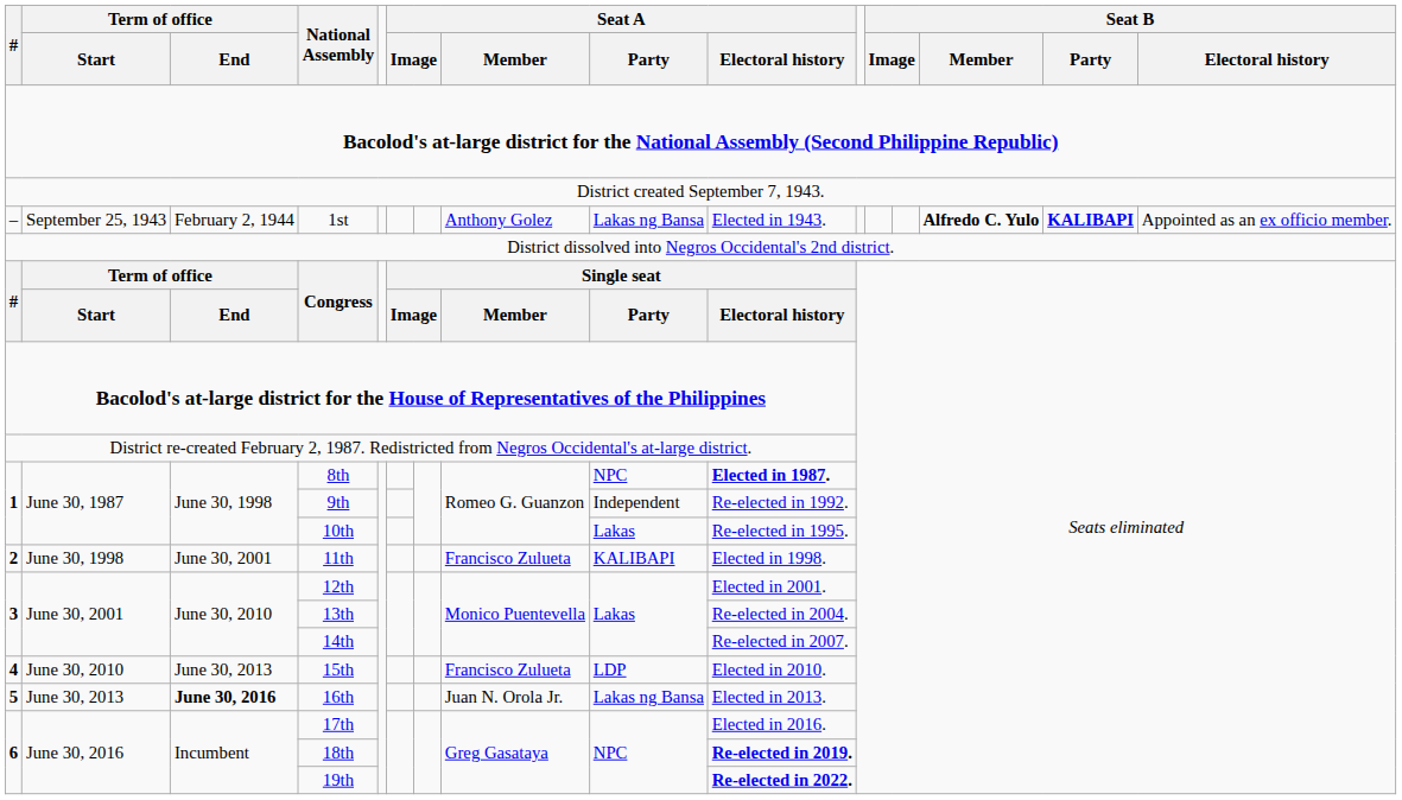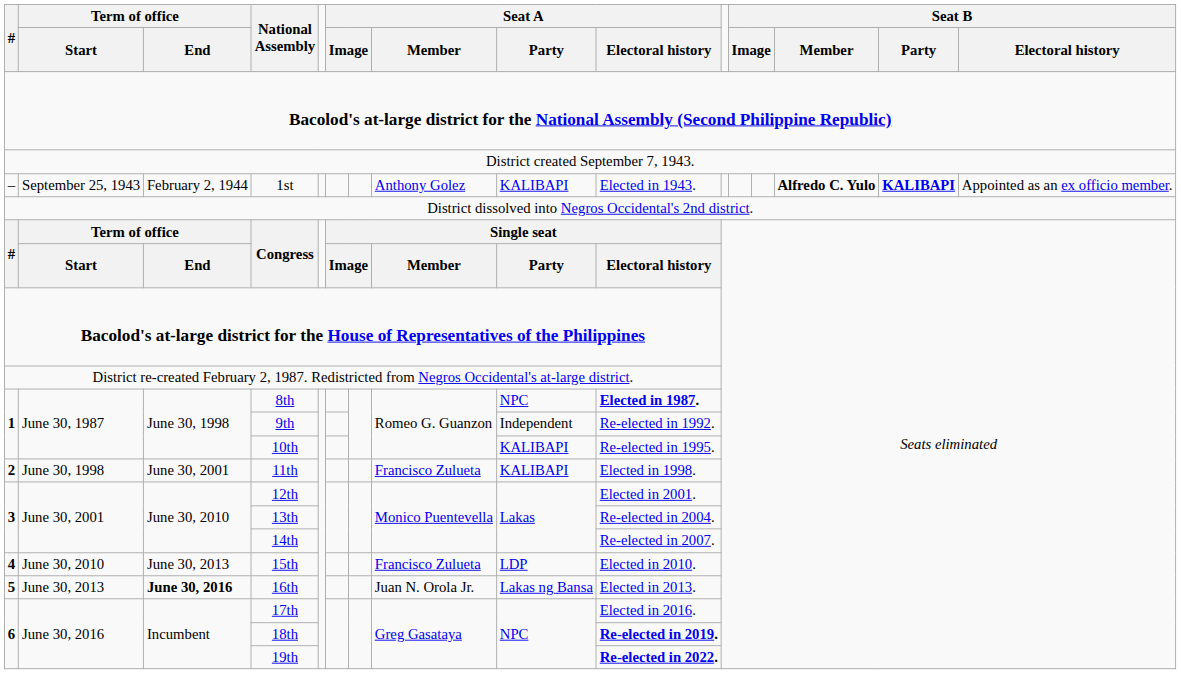 <table class=wikitable>
 <tr>
 <th rowspan=2>#</th>
 <th colspan=2>Term of office</th>
 <th rowspan=2>National<br>Assembly</th>
 <td rowspan=2></td>
 <th colspan=5>Seat A</th>
 <td rowspan=2></td>
 <th colspan=5>Seat B</th>
 </tr>
 <tr style="height:3em">
 <th>Start</th>
 <th>End</th>
 <th colspan="2" style="text-align:center;">Image</th>
 <th>Member</th>
 <th>Party</th>
 <th>Electoral history</th>
 <th colspan="2" style="text-align:center;">Image</th>
 <th>Member</th>
 <th>Party</th>
 <th>Electoral history</th>
 </tr>
 <tr>
 <td colspan="16" style="text-align:center;"><br><h3>Bacolod's at-large district for the <a href='#'>National Assembly (Second Philippine Republic)</a></h3></td>
 </tr>
 <tr>
 <td colspan="16" style="text-align:center;">District created September 7, 1943.</td>
 </tr>
 <tr>
 <td style="text-align:center;">–</td>
 <td>September 25, 1943</td>
 <td>February 2, 1944</td>
 <td style="text-align:center;">1st</td>
 <td></td>
 <td style="color:inherit;background:"></td>
 <td></td>
 <td><a href='#'>Anthony Golez</a></td>
-<td><a href='#'>Lakas ng Bansa</a></td>
+<td><a href='#'>KALIBAPI</a></td>
 <td><a href='#'>Elected in 1943</a>.</td>
 <td></td>
 <td style="color:inherit;background:"></td>
 <td></td>
 <td><strong>Alfredo C. Yulo</strong></td>
 <td><strong><a href='#'>KALIBAPI</a></strong></td>
 <td>Appointed as an <a href='#'>ex officio member</a>.</td>
 </tr>
 <tr>
 <td colspan="16" style="text-align:center;">District dissolved into <a href='#'>Negros Occidental's 2nd district</a>.</td>
 </tr>
 <tr>
 <th rowspan=2>#</th>
 <th colspan=2>Term of office</th>
 <th rowspan=2>Congress</th>
 <td rowspan=2></td>
 <th colspan=5>Single seat</th>
 <td rowspan=99 colspan=7 style="text-align:center;"><em>Seats eliminated</em></td>
 </tr>
 <tr style="height:3em">
 <th>Start</th>
 <th>End</th>
 <th colspan="2" style="text-align:center;">Image</th>
 <th>Member</th>
 <th>Party</th>
 <th>Electoral history</th>
 </tr>
 <tr>
 <td colspan="10" style="text-align:center;"><br><h3>Bacolod's at-large district for the <a href='#'>House of Representatives of the Philippines</a></h3></td>
 </tr>
 <tr>
 <td colspan="10" style="text-align:center;">District re-created February 2, 1987. Redistricted from <a href='#'>Negros Occidental's at-large district</a>.</td>
 </tr>
 <tr>
 <td rowspan="3" style="text-align:center;"><strong>1</strong></td>
 <td rowspan="3">June 30, 1987</td>
 <td rowspan="3">June 30, 1998</td>
 <td style="text-align:center;"><a href='#'>8th</a></td>
 <td rowspan="99"></td>
 <td style="color:inherit;background:"></td>
 <td rowspan="3"></td>
 <td rowspan="3">Romeo G. Guanzon</td>
 <td><a href='#'>NPC</a></td>
 <td><strong><a href='#'>Elected in 1987</a>.</strong></td>
 </tr>
 <tr>
 <td style="text-align:center;"><a href='#'>9th</a></td>
 <td style="color:inherit;background:"></td>
 <td>Independent</td>
 <td><a href='#'>Re-elected in 1992</a>.</td>
 </tr>
 <tr>
 <td style="text-align:center;"><a href='#'>10th</a></td>
 <td style="color:inherit;background:"></td>
-<td><a href='#'>Lakas</a></td>
+<td><a href='#'>KALIBAPI</a></td>
 <td><a href='#'>Re-elected in 1995</a>.</td>
 </tr>
 <tr>
 <td style="text-align:center;"><strong>2</strong></td>
 <td>June 30, 1998</td>
 <td>June 30, 2001</td>
 <td style="text-align:center;"><a href='#'>11th</a></td>
 <td style="color:inherit;background:"></td>
 <td></td>
 <td><a href='#'>Francisco Zulueta</a></td>
 <td><a href='#'>KALIBAPI</a></td>
 <td><a href='#'>Elected in 1998</a>.</td>
 </tr>
 <tr>
 <td rowspan="3" style="text-align:center;"><strong>3</strong></td>
 <td rowspan="3">June 30, 2001</td>
 <td rowspan="3">June 30, 2010</td>
 <td style="text-align:center;"><a href='#'>12th</a></td>
 <td rowspan="3" style="color:inherit;background:"></td>
 <td rowspan="3"></td>
 <td rowspan="3"><a href='#'>Monico Puentevella</a></td>
 <td rowspan="3"><a href='#'>Lakas</a></td>
 <td><a href='#'>Elected in 2001</a>.</td>
 </tr>
 <tr>
 <td style="text-align:center;"><a href='#'>13th</a></td>
 <td><a href='#'>Re-elected in 2004</a>.</td>
 </tr>
 <tr>
 <td style="text-align:center;"><a href='#'>14th</a></td>
 <td><a href='#'>Re-elected in 2007</a>.</td>
 </tr>
 <tr>
 <td style="text-align:center;"><strong>4</strong></td>
 <td>June 30, 2010</td>
 <td>June 30, 2013</td>
 <td style="text-align:center;"><a href='#'>15th</a></td>
 <td style="color:inherit;background:"></td>
 <td></td>
 <td><a href='#'>Francisco Zulueta</a></td>
 <td><a href='#'>LDP</a></td>
 <td><a href='#'>Elected in 2010</a>.</td>
 </tr>
 <tr>
 <td style="text-align:center;"><strong>5</strong></td>
 <td>June 30, 2013</td>
 <td><strong>June 30, 2016</strong></td>
 <td style="text-align:center;"><a href='#'>16th</a></td>
 <td style="color:inherit;background:"></td>
 <td></td>
 <td>Juan N. Orola Jr.</td>
 <td><a href='#'>Lakas ng Bansa</a></td>
 <td><a href='#'>Elected in 2013</a>.</td>
 </tr>
 <tr>
 <td rowspan="3" style="text-align:center;"><strong>6</strong></td>
 <td rowspan="3">June 30, 2016</td>
 <td rowspan="3">Incumbent</td>
 <td style="text-align:center;"><a href='#'>17th</a></td>
 <td rowspan="3" style="color:inherit;background:"></td>
 <td rowspan="3"></td>
 <td rowspan="3"><a href='#'>Greg Gasataya</a></td>
 <td rowspan="3"><a href='#'>NPC</a></td>
 <td><a href='#'>Elected in 2016</a>.</td>
 </tr>
 <tr>
 <td style="text-align:center;"><a href='#'>18th</a></td>
 <td><strong><a href='#'>Re-elected in 2019</a>.</strong></td>
 </tr>
 <tr>
 <td style="text-align:center;"><a href='#'>19th</a></td>
 <td><strong><a href='#'>Re-elected in 2022</a>.</strong></td>
 </tr>
 </table>
